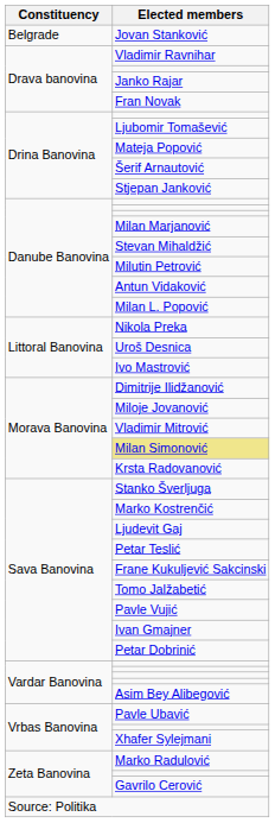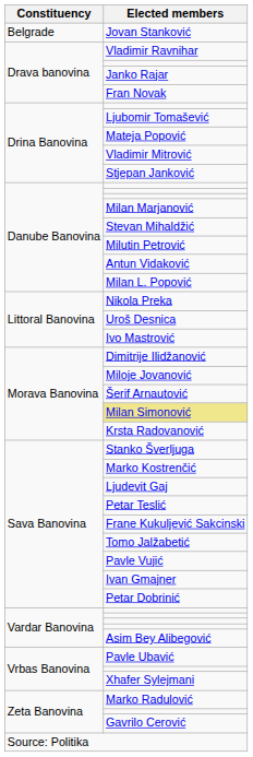 <table class=wikitable>
 <tr>
 <th>Constituency</th>
 <th>Elected members</th>
 </tr>
 <tr>
 <td>Belgrade</td>
 <td><a href='#'>Jovan Stanković</a></td>
 </tr>
 <tr>
 <td rowspan=4>Drava banovina</td>
 <td><a href='#'>Vladimir Ravnihar</a></td>
 </tr>
 <tr>
 <td></td>
 </tr>
 <tr>
 <td><a href='#'>Janko Rajar</a></td>
 </tr>
 <tr>
 <td><a href='#'>Fran Novak</a></td>
 </tr>
 <tr>
 <td rowspan=5>Drina Banovina</td>
 <td></td>
 </tr>
 <tr>
 <td><a href='#'>Ljubomir Tomašević</a></td>
 </tr>
 <tr>
 <td><a href='#'>Mateja Popović</a></td>
 </tr>
 <tr>
-<td><a href='#'>Šerif Arnautović</a></td>
+<td><a href='#'>Vladimir Mitrović</a></td>
 </tr>
 <tr>
 <td><a href='#'>Stjepan Janković</a></td>
 </tr>
 <tr>
 <td rowspan=8>Danube Banovina</td>
 <td></td>
 </tr>
 <tr>
 <td></td>
 </tr>
 <tr>
 <td></td>
 </tr>
 <tr>
 <td><a href='#'>Milan Marjanović</a></td>
 </tr>
 <tr>
 <td><a href='#'>Stevan Mihaldžić</a></td>
 </tr>
 <tr>
 <td><a href='#'>Milutin Petrović</a></td>
 </tr>
 <tr>
 <td><a href='#'>Antun Vidaković</a></td>
 </tr>
 <tr>
 <td><a href='#'>Milan L. Popović</a></td>
 </tr>
 <tr>
 <td rowspan=3>Littoral Banovina</td>
 <td><a href='#'>Nikola Preka</a></td>
 </tr>
 <tr>
 <td><a href='#'>Uroš Desnica</a></td>
 </tr>
 <tr>
 <td><a href='#'>Ivo Mastrović</a></td>
 </tr>
 <tr>
 <td rowspan=5>Morava Banovina</td>
 <td><a href='#'>Dimitrije Ilidžanović</a></td>
 </tr>
 <tr>
 <td><a href='#'>Miloje Jovanović</a></td>
 </tr>
 <tr>
-<td><a href='#'>Vladimir Mitrović</a></td>
+<td><a href='#'>Šerif Arnautović</a></td>
 </tr>
 <tr>
 <td style="background: khaki;"><a href='#'>Milan Simonović</a></td>
 </tr>
 <tr>
 <td><a href='#'>Krsta Radovanović</a></td>
 </tr>
 <tr>
 <td rowspan=9>Sava Banovina</td>
 <td><a href='#'>Stanko Šverljuga</a></td>
 </tr>
 <tr>
 <td><a href='#'>Marko Kostrenčić</a></td>
 </tr>
 <tr>
 <td><a href='#'>Ljudevit Gaj</a></td>
 </tr>
 <tr>
 <td><a href='#'>Petar Teslić</a></td>
 </tr>
 <tr>
 <td><a href='#'>Frane Kukuljević Sakcinski</a></td>
 </tr>
 <tr>
 <td><a href='#'>Tomo Jalžabetić</a></td>
 </tr>
 <tr>
 <td><a href='#'>Pavle Vujić</a></td>
 </tr>
 <tr>
 <td><a href='#'>Ivan Gmajner</a></td>
 </tr>
 <tr>
 <td><a href='#'>Petar Dobrinić</a></td>
 </tr>
 <tr>
 <td rowspan=5>Vardar Banovina</td>
 <td></td>
 </tr>
 <tr>
 <td></td>
 </tr>
 <tr>
 <td></td>
 </tr>
 <tr>
 <td></td>
 </tr>
 <tr>
 <td><a href='#'>Asim Bey Alibegović</a></td>
 </tr>
 <tr>
 <td rowspan=3>Vrbas Banovina</td>
 <td><a href='#'>Pavle Ubavić</a></td>
 </tr>
 <tr>
 <td></td>
 </tr>
 <tr>
 <td><a href='#'>Xhafer Sylejmani</a></td>
 </tr>
 <tr>
 <td rowspan=3>Zeta Banovina</td>
 <td><a href='#'>Marko Radulović</a></td>
 </tr>
 <tr>
 <td></td>
 </tr>
 <tr>
 <td><a href='#'>Gavrilo Cerović</a></td>
 </tr>
 <tr>
 <td colspan=2>Source: Politika</td>
 </tr>
 </table>
